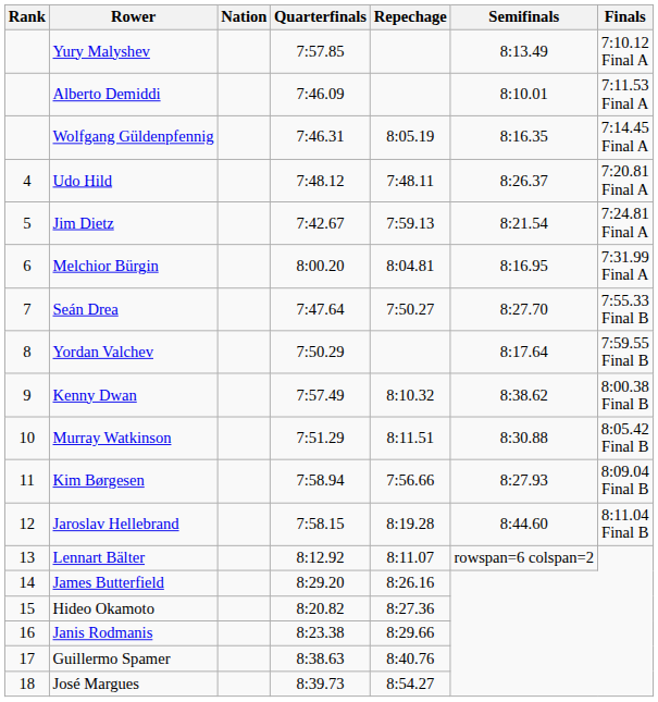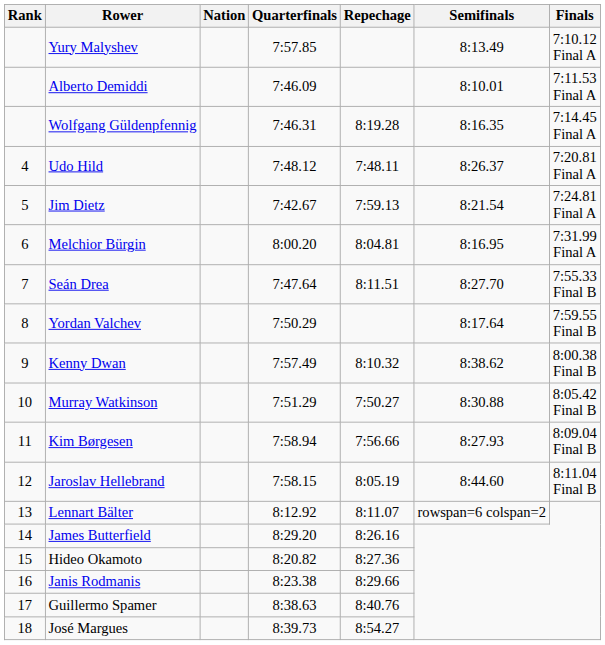 <table class="wikitable sortable" style="text-align:center">
 <tr>
 <th>Rank</th>
 <th>Rower</th>
 <th>Nation</th>
 <th>Quarterfinals</th>
 <th>Repechage</th>
 <th>Semifinals</th>
 <th>Finals</th>
 </tr>
 <tr>
 <td></td>
 <td align=left><a href='#'>Yury Malyshev</a></td>
 <td align=left></td>
 <td>7:57.85</td>
 <td></td>
 <td>8:13.49</td>
 <td>7:10.12<br>Final A</td>
 </tr>
 <tr>
 <td></td>
 <td align=left><a href='#'>Alberto Demiddi</a></td>
 <td align=left></td>
 <td>7:46.09</td>
 <td></td>
 <td>8:10.01</td>
 <td>7:11.53<br>Final A</td>
 </tr>
 <tr>
 <td></td>
 <td align=left><a href='#'>Wolfgang Güldenpfennig</a></td>
 <td align=left></td>
 <td>7:46.31</td>
-<td>8:05.19</td>
+<td>8:19.28</td>
 <td>8:16.35</td>
 <td>7:14.45<br>Final A</td>
 </tr>
 <tr>
 <td>4</td>
 <td align=left><a href='#'>Udo Hild</a></td>
 <td align=left></td>
 <td>7:48.12</td>
 <td>7:48.11</td>
 <td>8:26.37</td>
 <td>7:20.81<br>Final A</td>
 </tr>
 <tr>
 <td>5</td>
 <td align=left><a href='#'>Jim Dietz</a></td>
 <td align=left></td>
 <td>7:42.67</td>
 <td>7:59.13</td>
 <td>8:21.54</td>
 <td>7:24.81<br>Final A</td>
 </tr>
 <tr>
 <td>6</td>
 <td align=left><a href='#'>Melchior Bürgin</a></td>
 <td align=left></td>
 <td>8:00.20</td>
 <td>8:04.81</td>
 <td>8:16.95</td>
 <td>7:31.99<br>Final A</td>
 </tr>
 <tr>
 <td>7</td>
 <td align=left><a href='#'>Seán Drea</a></td>
 <td align=left></td>
 <td>7:47.64</td>
-<td>7:50.27</td>
+<td>8:11.51</td>
 <td>8:27.70</td>
 <td>7:55.33<br>Final B</td>
 </tr>
 <tr>
 <td>8</td>
 <td align=left><a href='#'>Yordan Valchev</a></td>
 <td align=left></td>
 <td>7:50.29</td>
 <td></td>
 <td>8:17.64</td>
 <td>7:59.55<br>Final B</td>
 </tr>
 <tr>
 <td>9</td>
 <td align=left><a href='#'>Kenny Dwan</a></td>
 <td align=left></td>
 <td>7:57.49</td>
 <td>8:10.32</td>
 <td>8:38.62</td>
 <td>8:00.38<br>Final B</td>
 </tr>
 <tr>
 <td>10</td>
 <td align=left><a href='#'>Murray Watkinson</a></td>
 <td align=left></td>
 <td>7:51.29</td>
-<td>8:11.51</td>
+<td>7:50.27</td>
 <td>8:30.88</td>
 <td>8:05.42<br>Final B</td>
 </tr>
 <tr>
 <td>11</td>
 <td align=left><a href='#'>Kim Børgesen</a></td>
 <td align=left></td>
 <td>7:58.94</td>
 <td>7:56.66</td>
 <td>8:27.93</td>
 <td>8:09.04<br>Final B</td>
 </tr>
 <tr>
 <td>12</td>
 <td align=left><a href='#'>Jaroslav Hellebrand</a></td>
 <td align=left></td>
 <td>7:58.15</td>
-<td>8:19.28</td>
+<td>8:05.19</td>
 <td>8:44.60</td>
 <td>8:11.04<br>Final B</td>
 </tr>
 <tr>
 <td>13</td>
 <td align=left><a href='#'>Lennart Bälter</a></td>
 <td align=left></td>
 <td>8:12.92</td>
 <td>8:11.07</td>
 <td>rowspan=6 colspan=2 </td>
 </tr>
 <tr>
 <td>14</td>
 <td align=left><a href='#'>James Butterfield</a></td>
 <td align=left></td>
 <td>8:29.20</td>
 <td>8:26.16</td>
 </tr>
 <tr>
 <td>15</td>
 <td align=left>Hideo Okamoto</td>
 <td align=left></td>
 <td>8:20.82</td>
 <td>8:27.36</td>
 </tr>
 <tr>
 <td>16</td>
 <td align=left><a href='#'>Janis Rodmanis</a></td>
 <td align=left></td>
 <td>8:23.38</td>
 <td>8:29.66</td>
 </tr>
 <tr>
 <td>17</td>
 <td align=left>Guillermo Spamer</td>
 <td align=left></td>
 <td>8:38.63</td>
 <td>8:40.76</td>
 </tr>
 <tr>
 <td>18</td>
 <td align=left>José Margues</td>
 <td align=left></td>
 <td>8:39.73</td>
 <td>8:54.27</td>
 </tr>
 </table>
